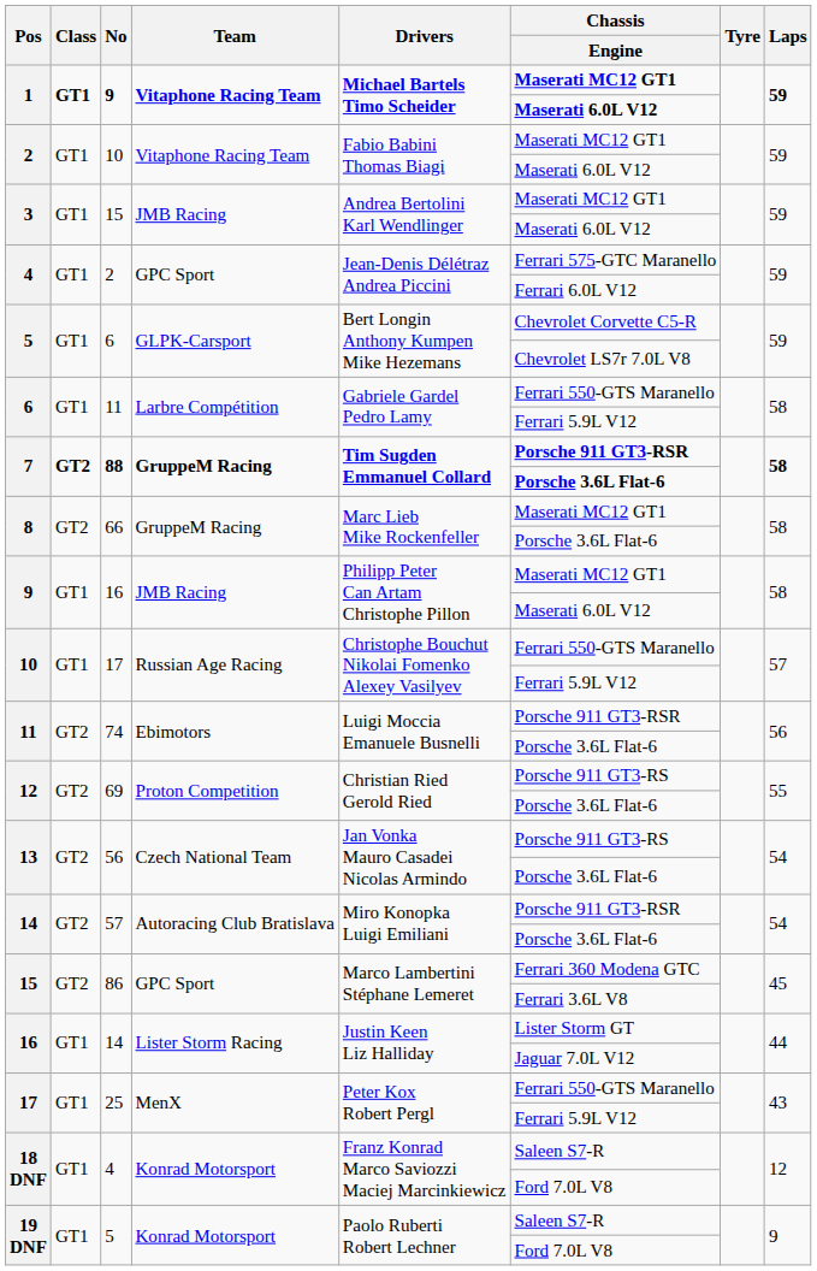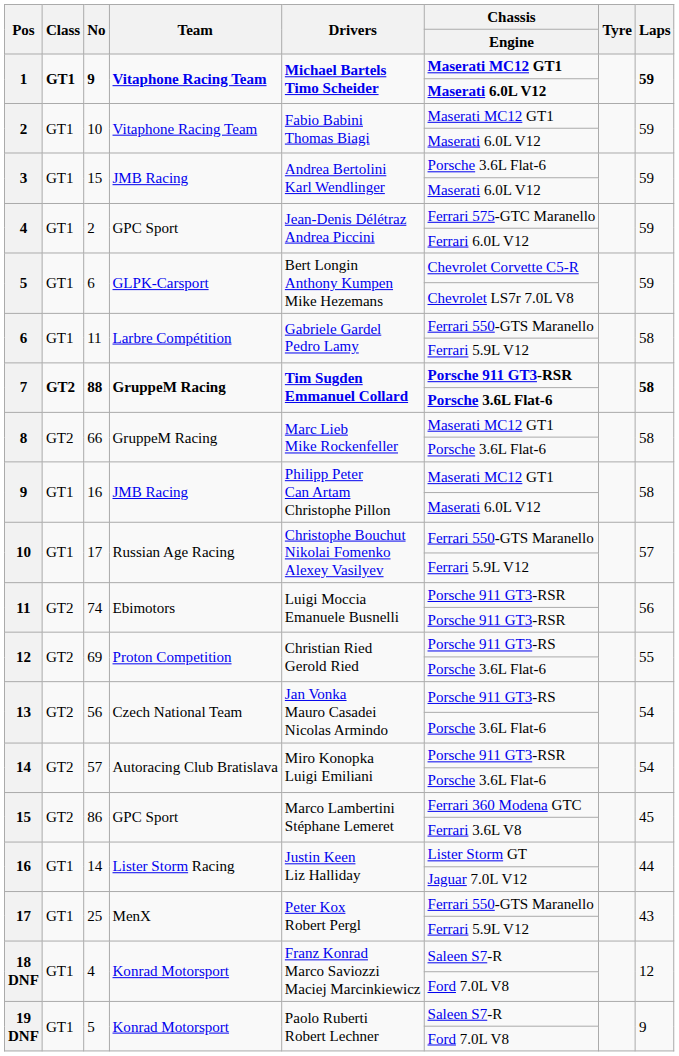 <table class="wikitable" style="font-size: 95%;">
 <tr>
 <th rowspan=2>Pos</th>
 <th rowspan=2>Class</th>
 <th rowspan=2>No</th>
 <th rowspan=2>Team</th>
 <th rowspan=2>Drivers</th>
 <th>Chassis</th>
 <th rowspan=2>Tyre</th>
 <th rowspan=2>Laps</th>
 </tr>
 <tr>
 <th>Engine</th>
 </tr>
 <tr style="font-weight:bold">
 <th rowspan=2>1</th>
 <td rowspan=2>GT1</td>
 <td rowspan=2>9</td>
 <td rowspan=2> <a href='#'>Vitaphone Racing Team</a></td>
 <td rowspan=2> <a href='#'>Michael Bartels</a><br> <a href='#'>Timo Scheider</a></td>
 <td><a href='#'>Maserati MC12</a> GT1</td>
 <td rowspan=2></td>
 <td rowspan=2>59</td>
 </tr>
 <tr style="font-weight:bold">
 <td><a href='#'>Maserati</a> 6.0L V12</td>
 </tr>
 <tr>
 <th rowspan=2>2</th>
 <td rowspan=2>GT1</td>
 <td rowspan=2>10</td>
 <td rowspan=2> <a href='#'>Vitaphone Racing Team</a></td>
 <td rowspan=2> <a href='#'>Fabio Babini</a><br> <a href='#'>Thomas Biagi</a></td>
 <td><a href='#'>Maserati MC12</a> GT1</td>
 <td rowspan=2></td>
 <td rowspan=2>59</td>
 </tr>
 <tr>
 <td><a href='#'>Maserati</a> 6.0L V12</td>
 </tr>
 <tr>
 <th rowspan=2>3</th>
 <td rowspan=2>GT1</td>
 <td rowspan=2>15</td>
 <td rowspan=2> <a href='#'>JMB Racing</a></td>
 <td rowspan=2> <a href='#'>Andrea Bertolini</a><br> <a href='#'>Karl Wendlinger</a></td>
-<td><a href='#'>Maserati MC12</a> GT1</td>
+<td><a href='#'>Porsche</a> 3.6L Flat-6</td>
 <td rowspan=2></td>
 <td rowspan=2>59</td>
 </tr>
 <tr>
 <td><a href='#'>Maserati</a> 6.0L V12</td>
 </tr>
 <tr>
 <th rowspan=2>4</th>
 <td rowspan=2>GT1</td>
 <td rowspan=2>2</td>
 <td rowspan=2> GPC Sport</td>
 <td rowspan=2> <a href='#'>Jean-Denis Délétraz</a><br> <a href='#'>Andrea Piccini</a></td>
 <td><a href='#'>Ferrari 575</a>-GTC Maranello</td>
 <td rowspan=2></td>
 <td rowspan=2>59</td>
 </tr>
 <tr>
 <td><a href='#'>Ferrari</a> 6.0L V12</td>
 </tr>
 <tr>
 <th rowspan=2>5</th>
 <td rowspan=2>GT1</td>
 <td rowspan=2>6</td>
 <td rowspan=2> <a href='#'>GLPK-Carsport</a></td>
 <td rowspan=2> Bert Longin<br> <a href='#'>Anthony Kumpen</a><br> Mike Hezemans</td>
 <td><a href='#'>Chevrolet Corvette C5-R</a></td>
 <td rowspan=2></td>
 <td rowspan=2>59</td>
 </tr>
 <tr>
 <td><a href='#'>Chevrolet</a> LS7r 7.0L V8</td>
 </tr>
 <tr>
 <th rowspan=2>6</th>
 <td rowspan=2>GT1</td>
 <td rowspan=2>11</td>
 <td rowspan=2> <a href='#'>Larbre Compétition</a></td>
 <td rowspan=2> <a href='#'>Gabriele Gardel</a><br> <a href='#'>Pedro Lamy</a></td>
 <td><a href='#'>Ferrari 550</a>-GTS Maranello</td>
 <td rowspan=2></td>
 <td rowspan=2>58</td>
 </tr>
 <tr>
 <td><a href='#'>Ferrari</a> 5.9L V12</td>
 </tr>
 <tr style="font-weight:bold">
 <th rowspan=2>7</th>
 <td rowspan=2>GT2</td>
 <td rowspan=2>88</td>
 <td rowspan=2> GruppeM Racing</td>
 <td rowspan=2> <a href='#'>Tim Sugden</a><br> <a href='#'>Emmanuel Collard</a></td>
 <td><a href='#'>Porsche 911 GT3</a>-RSR</td>
 <td rowspan=2></td>
 <td rowspan=2>58</td>
 </tr>
 <tr style="font-weight:bold">
 <td><a href='#'>Porsche</a> 3.6L Flat-6</td>
 </tr>
 <tr>
 <th rowspan=2>8</th>
 <td rowspan=2>GT2</td>
 <td rowspan=2>66</td>
 <td rowspan=2> GruppeM Racing</td>
 <td rowspan=2> <a href='#'>Marc Lieb</a><br> <a href='#'>Mike Rockenfeller</a></td>
 <td><a href='#'>Maserati MC12</a> GT1</td>
 <td rowspan=2></td>
 <td rowspan=2>58</td>
 </tr>
 <tr>
 <td><a href='#'>Porsche</a> 3.6L Flat-6</td>
 </tr>
 <tr>
 <th rowspan=2>9</th>
 <td rowspan=2>GT1</td>
 <td rowspan=2>16</td>
 <td rowspan=2> <a href='#'>JMB Racing</a></td>
 <td rowspan=2> <a href='#'>Philipp Peter</a><br> <a href='#'>Can Artam</a><br> Christophe Pillon</td>
 <td><a href='#'>Maserati MC12</a> GT1</td>
 <td rowspan=2></td>
 <td rowspan=2>58</td>
 </tr>
 <tr>
 <td><a href='#'>Maserati</a> 6.0L V12</td>
 </tr>
 <tr>
 <th rowspan=2>10</th>
 <td rowspan=2>GT1</td>
 <td rowspan=2>17</td>
 <td rowspan=2> Russian Age Racing</td>
 <td rowspan=2> <a href='#'>Christophe Bouchut</a><br> <a href='#'>Nikolai Fomenko</a><br> <a href='#'>Alexey Vasilyev</a></td>
 <td><a href='#'>Ferrari 550</a>-GTS Maranello</td>
 <td rowspan=2></td>
 <td rowspan=2>57</td>
 </tr>
 <tr>
 <td><a href='#'>Ferrari</a> 5.9L V12</td>
 </tr>
 <tr>
 <th rowspan=2>11</th>
 <td rowspan=2>GT2</td>
 <td rowspan=2>74</td>
 <td rowspan=2> Ebimotors</td>
 <td rowspan=2> Luigi Moccia<br> Emanuele Busnelli</td>
 <td><a href='#'>Porsche 911 GT3</a>-RSR</td>
 <td rowspan=2></td>
 <td rowspan=2>56</td>
 </tr>
 <tr>
-<td><a href='#'>Porsche</a> 3.6L Flat-6</td>
+<td><a href='#'>Porsche 911 GT3</a>-RSR</td>
 </tr>
 <tr>
 <th rowspan=2>12</th>
 <td rowspan=2>GT2</td>
 <td rowspan=2>69</td>
 <td rowspan=2> <a href='#'>Proton Competition</a></td>
 <td rowspan=2> Christian Ried<br> Gerold Ried</td>
 <td><a href='#'>Porsche 911 GT3</a>-RS</td>
 <td rowspan=2></td>
 <td rowspan=2>55</td>
 </tr>
 <tr>
 <td><a href='#'>Porsche</a> 3.6L Flat-6</td>
 </tr>
 <tr>
 <th rowspan=2>13</th>
 <td rowspan=2>GT2</td>
 <td rowspan=2>56</td>
 <td rowspan=2> Czech National Team</td>
 <td rowspan=2> <a href='#'>Jan Vonka</a><br> Mauro Casadei<br> Nicolas Armindo</td>
 <td><a href='#'>Porsche 911 GT3</a>-RS</td>
 <td rowspan=2></td>
 <td rowspan=2>54</td>
 </tr>
 <tr>
 <td><a href='#'>Porsche</a> 3.6L Flat-6</td>
 </tr>
 <tr>
 <th rowspan=2>14</th>
 <td rowspan=2>GT2</td>
 <td rowspan=2>57</td>
 <td rowspan=2> Autoracing Club Bratislava</td>
 <td rowspan=2> Miro Konopka<br> Luigi Emiliani</td>
 <td><a href='#'>Porsche 911 GT3</a>-RSR</td>
 <td rowspan=2></td>
 <td rowspan=2>54</td>
 </tr>
 <tr>
 <td><a href='#'>Porsche</a> 3.6L Flat-6</td>
 </tr>
 <tr>
 <th rowspan=2>15</th>
 <td rowspan=2>GT2</td>
 <td rowspan=2>86</td>
 <td rowspan=2> GPC Sport</td>
 <td rowspan=2> Marco Lambertini<br> Stéphane Lemeret</td>
 <td><a href='#'>Ferrari 360 Modena</a> GTC</td>
 <td rowspan=2></td>
 <td rowspan=2>45</td>
 </tr>
 <tr>
 <td><a href='#'>Ferrari</a> 3.6L V8</td>
 </tr>
 <tr>
 <th rowspan=2>16</th>
 <td rowspan=2>GT1</td>
 <td rowspan=2>14</td>
 <td rowspan=2> <a href='#'>Lister Storm</a> Racing</td>
 <td rowspan=2> <a href='#'>Justin Keen</a><br> Liz Halliday</td>
 <td><a href='#'>Lister Storm</a> GT</td>
 <td rowspan=2></td>
 <td rowspan=2>44</td>
 </tr>
 <tr>
 <td><a href='#'>Jaguar</a> 7.0L V12</td>
 </tr>
 <tr>
 <th rowspan=2>17</th>
 <td rowspan=2>GT1</td>
 <td rowspan=2>25</td>
 <td rowspan=2> MenX</td>
 <td rowspan=2> <a href='#'>Peter Kox</a><br> Robert Pergl</td>
 <td><a href='#'>Ferrari 550</a>-GTS Maranello</td>
 <td rowspan=2></td>
 <td rowspan=2>43</td>
 </tr>
 <tr>
 <td><a href='#'>Ferrari</a> 5.9L V12</td>
 </tr>
 <tr>
 <th rowspan=2>18<br>DNF</th>
 <td rowspan=2>GT1</td>
 <td rowspan=2>4</td>
 <td rowspan=2> <a href='#'>Konrad Motorsport</a></td>
 <td rowspan=2> <a href='#'>Franz Konrad</a><br> Marco Saviozzi<br> Maciej Marcinkiewicz</td>
 <td><a href='#'>Saleen S7</a>-R</td>
 <td rowspan=2></td>
 <td rowspan=2>12</td>
 </tr>
 <tr>
 <td><a href='#'>Ford</a> 7.0L V8</td>
 </tr>
 <tr>
 <th rowspan=2>19<br>DNF</th>
 <td rowspan=2>GT1</td>
 <td rowspan=2>5</td>
 <td rowspan=2> <a href='#'>Konrad Motorsport</a></td>
 <td rowspan=2> Paolo Ruberti<br> Robert Lechner</td>
 <td><a href='#'>Saleen S7</a>-R</td>
 <td rowspan=2></td>
 <td rowspan=2>9</td>
 </tr>
 <tr>
 <td><a href='#'>Ford</a> 7.0L V8</td>
 </tr>
 </table>
